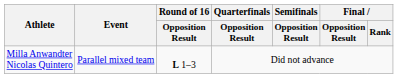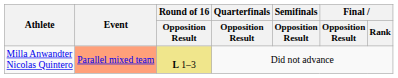 <table class="wikitable" style="font-size:90%">
 <tr>
 <th rowspan="2">Athlete</th>
 <th rowspan="2">Event</th>
 <th>Round of 16</th>
 <th>Quarterfinals</th>
 <th>Semifinals</th>
 <th colspan=2>Final / </th>
 </tr>
 <tr style="font-size:95%">
 <th>Opposition<br>Result</th>
 <th>Opposition<br>Result</th>
 <th>Opposition<br>Result</th>
 <th>Opposition<br>Result</th>
 <th>Rank</th>
 </tr>
 <tr align=center>
 <td align=left><a href='#'>Milla Anwandter</a><br><a href='#'>Nicolas Quintero</a></td>
-<td align=left><a href='#'>Parallel mixed team</a></td>
-<td><br><strong>L</strong> 1–3</td>
+<td align=left style="background: lightsalmon;"><a href='#'>Parallel mixed team</a></td>
+<td style="background: khaki;"><br><strong>L</strong> 1–3</td>
 <td colspan=4>Did not advance</td>
 </tr>
 </table>
